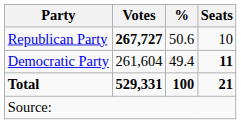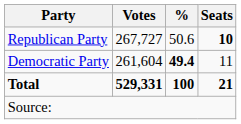 <table class=wikitable style=text-align:right>
 <tr>
 <th>Party</th>
 <th>Votes</th>
 <th>%</th>
 <th>Seats</th>
 </tr>
 <tr>
 <td align=left><a href='#'>Republican Party</a></td>
-<td><strong>267,727</strong></td>
+<td>267,727</td>
 <td>50.6</td>
-<td>10</td>
+<td><strong>10</strong></td>
 </tr>
 <tr>
 <td align=left><a href='#'>Democratic Party</a></td>
 <td>261,604</td>
-<td>49.4</td>
-<td><strong>11</strong></td>
+<td><strong>49.4</strong></td>
+<td>11</td>
 </tr>
 <tr>
 <td align=left><strong>Total</strong></td>
 <td><strong>529,331</strong></td>
 <td><strong>100</strong></td>
 <td><strong>21</strong></td>
 </tr>
 <tr>
 <td align=left colspan=6>Source: </td>
 </tr>
 </table>
